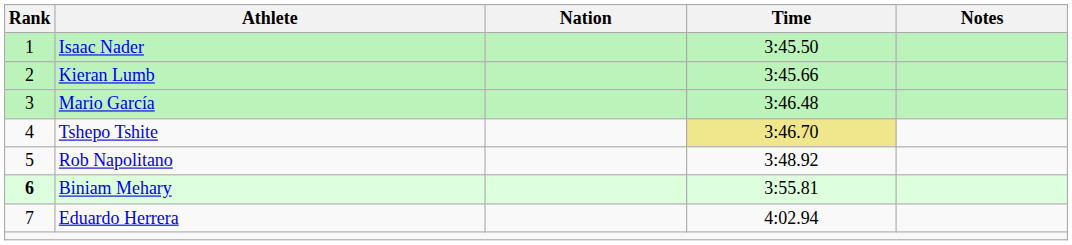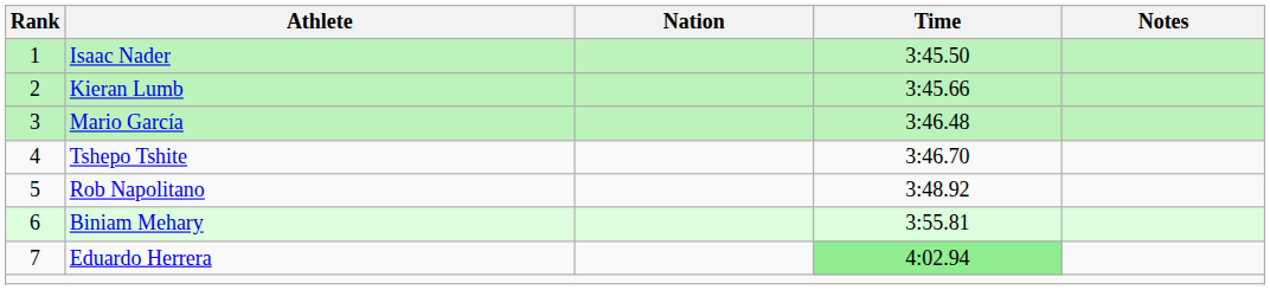 <table class="wikitable sortable" style="text-align:center;width: 60%;">
 <tr>
 <th scope="col" style="width: 10px;">Rank</th>
 <th scope="col">Athlete</th>
 <th scope="col">Nation</th>
 <th scope="col">Time</th>
 <th scope="col">Notes</th>
 </tr>
 <tr bgcolor=bbf3bb>
 <td>1</td>
 <td align=left><a href='#'>Isaac Nader</a></td>
 <td align=left></td>
 <td>3:45.50</td>
 <td></td>
 </tr>
 <tr bgcolor=bbf3bb>
 <td>2</td>
 <td align=left><a href='#'>Kieran Lumb</a></td>
 <td align=left></td>
 <td>3:45.66</td>
 <td></td>
 </tr>
 <tr bgcolor=bbf3bb>
 <td>3</td>
 <td align=left><a href='#'>Mario García</a></td>
 <td align=left></td>
 <td>3:46.48</td>
 <td></td>
 </tr>
 <tr>
 <td>4</td>
 <td align=left><a href='#'>Tshepo Tshite</a></td>
 <td align=left></td>
-<td style="background: khaki;">3:46.70</td>
+<td>3:46.70</td>
 <td></td>
 </tr>
 <tr>
 <td>5</td>
 <td align=left><a href='#'>Rob Napolitano</a></td>
 <td align=left></td>
 <td>3:48.92</td>
 <td></td>
 </tr>
 <tr bgcolor=ddffdd>
-<td><strong>6</strong></td>
+<td>6</td>
 <td align=left><a href='#'>Biniam Mehary</a></td>
 <td align=left></td>
 <td>3:55.81</td>
 <td></td>
 </tr>
 <tr>
 <td>7</td>
 <td align=left><a href='#'>Eduardo Herrera</a></td>
 <td align=left></td>
-<td>4:02.94</td>
+<td style="background: lightgreen;">4:02.94</td>
 <td></td>
 </tr>
 <tr class="sortbottom">
 <td colspan="5"></td>
 </tr>
 </table>
